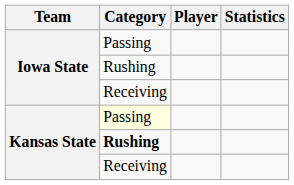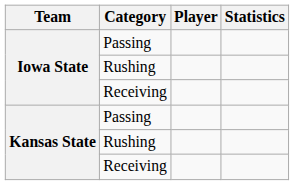 <table class="wikitable" style="float:right">
 <tr>
 <th>Team</th>
 <th>Category</th>
 <th>Player</th>
 <th>Statistics</th>
 </tr>
 <tr>
 <th rowspan=3>Iowa State</th>
 <td>Passing</td>
 <td></td>
 <td></td>
 </tr>
 <tr>
 <td>Rushing</td>
 <td></td>
 <td></td>
 </tr>
 <tr>
 <td>Receiving</td>
 <td></td>
 <td></td>
 </tr>
 <tr>
 <th rowspan=3>Kansas State</th>
-<td style="background: lightyellow;">Passing</td>
+<td>Passing</td>
 <td></td>
 <td></td>
 </tr>
 <tr>
-<td><strong>Rushing</strong></td>
+<td>Rushing</td>
 <td></td>
 <td></td>
 </tr>
 <tr>
 <td>Receiving</td>
 <td></td>
 <td></td>
 </tr>
 </table>
